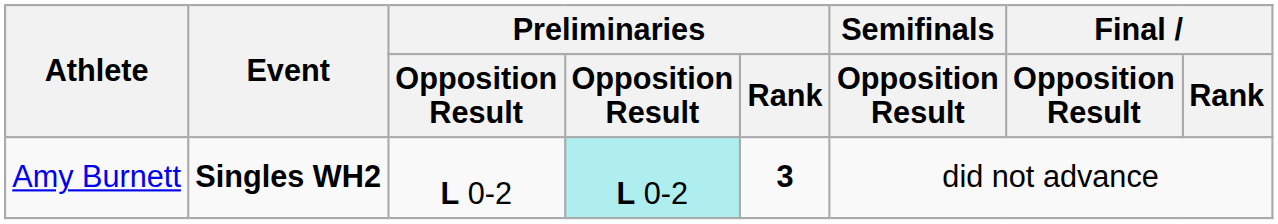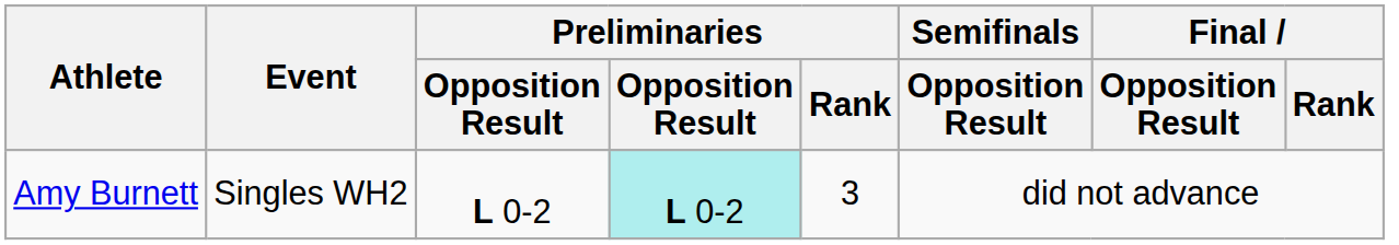 <table class=wikitable style="font-size:90%">
 <tr>
 <th rowspan="2">Athlete</th>
 <th rowspan="2">Event</th>
 <th colspan="3">Preliminaries</th>
 <th>Semifinals</th>
 <th colspan="2">Final / </th>
 </tr>
 <tr>
 <th>Opposition<br>Result</th>
 <th>Opposition<br>Result</th>
 <th>Rank</th>
 <th>Opposition<br>Result</th>
 <th>Opposition<br>Result</th>
 <th>Rank</th>
 </tr>
 <tr align=center>
 <td align=left><a href='#'>Amy Burnett</a></td>
-<td align=left><strong>Singles WH2</strong></td>
+<td align=left>Singles WH2</td>
 <td><br><strong>L</strong> 0-2</td>
 <td style="background: paleturquoise;"><br><strong>L</strong> 0-2</td>
-<td><strong>3</strong></td>
+<td>3</td>
 <td colspan=3>did not advance</td>
 </tr>
 </table>
